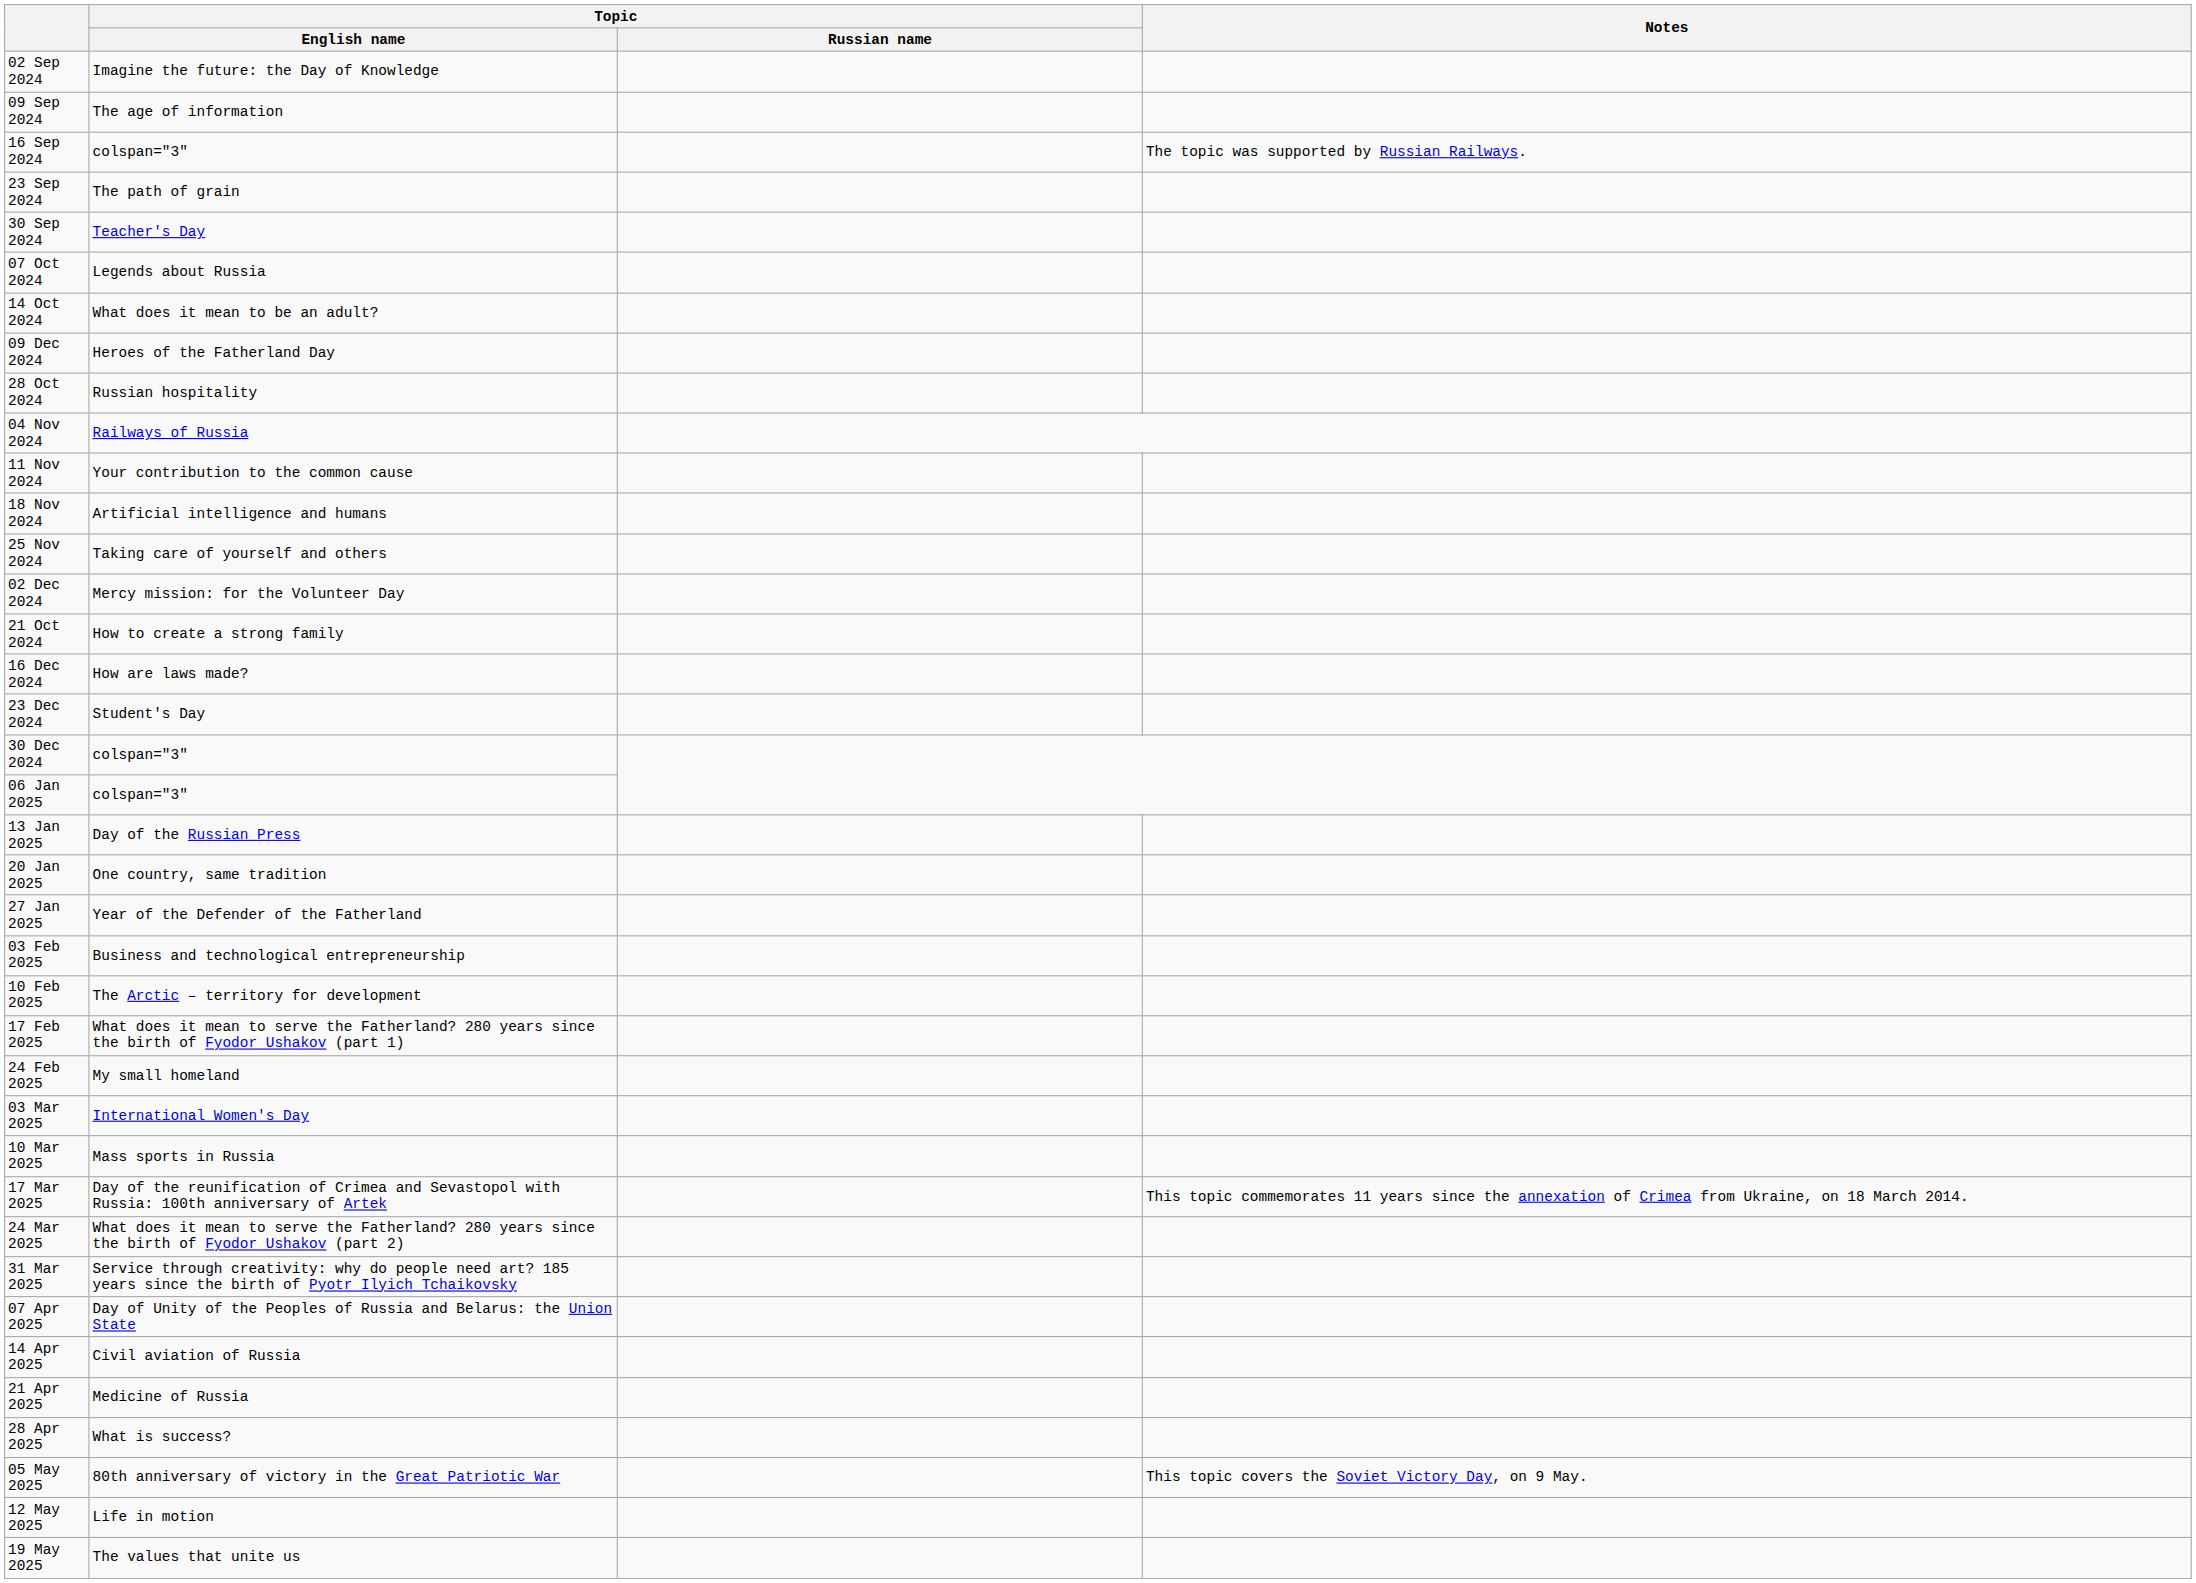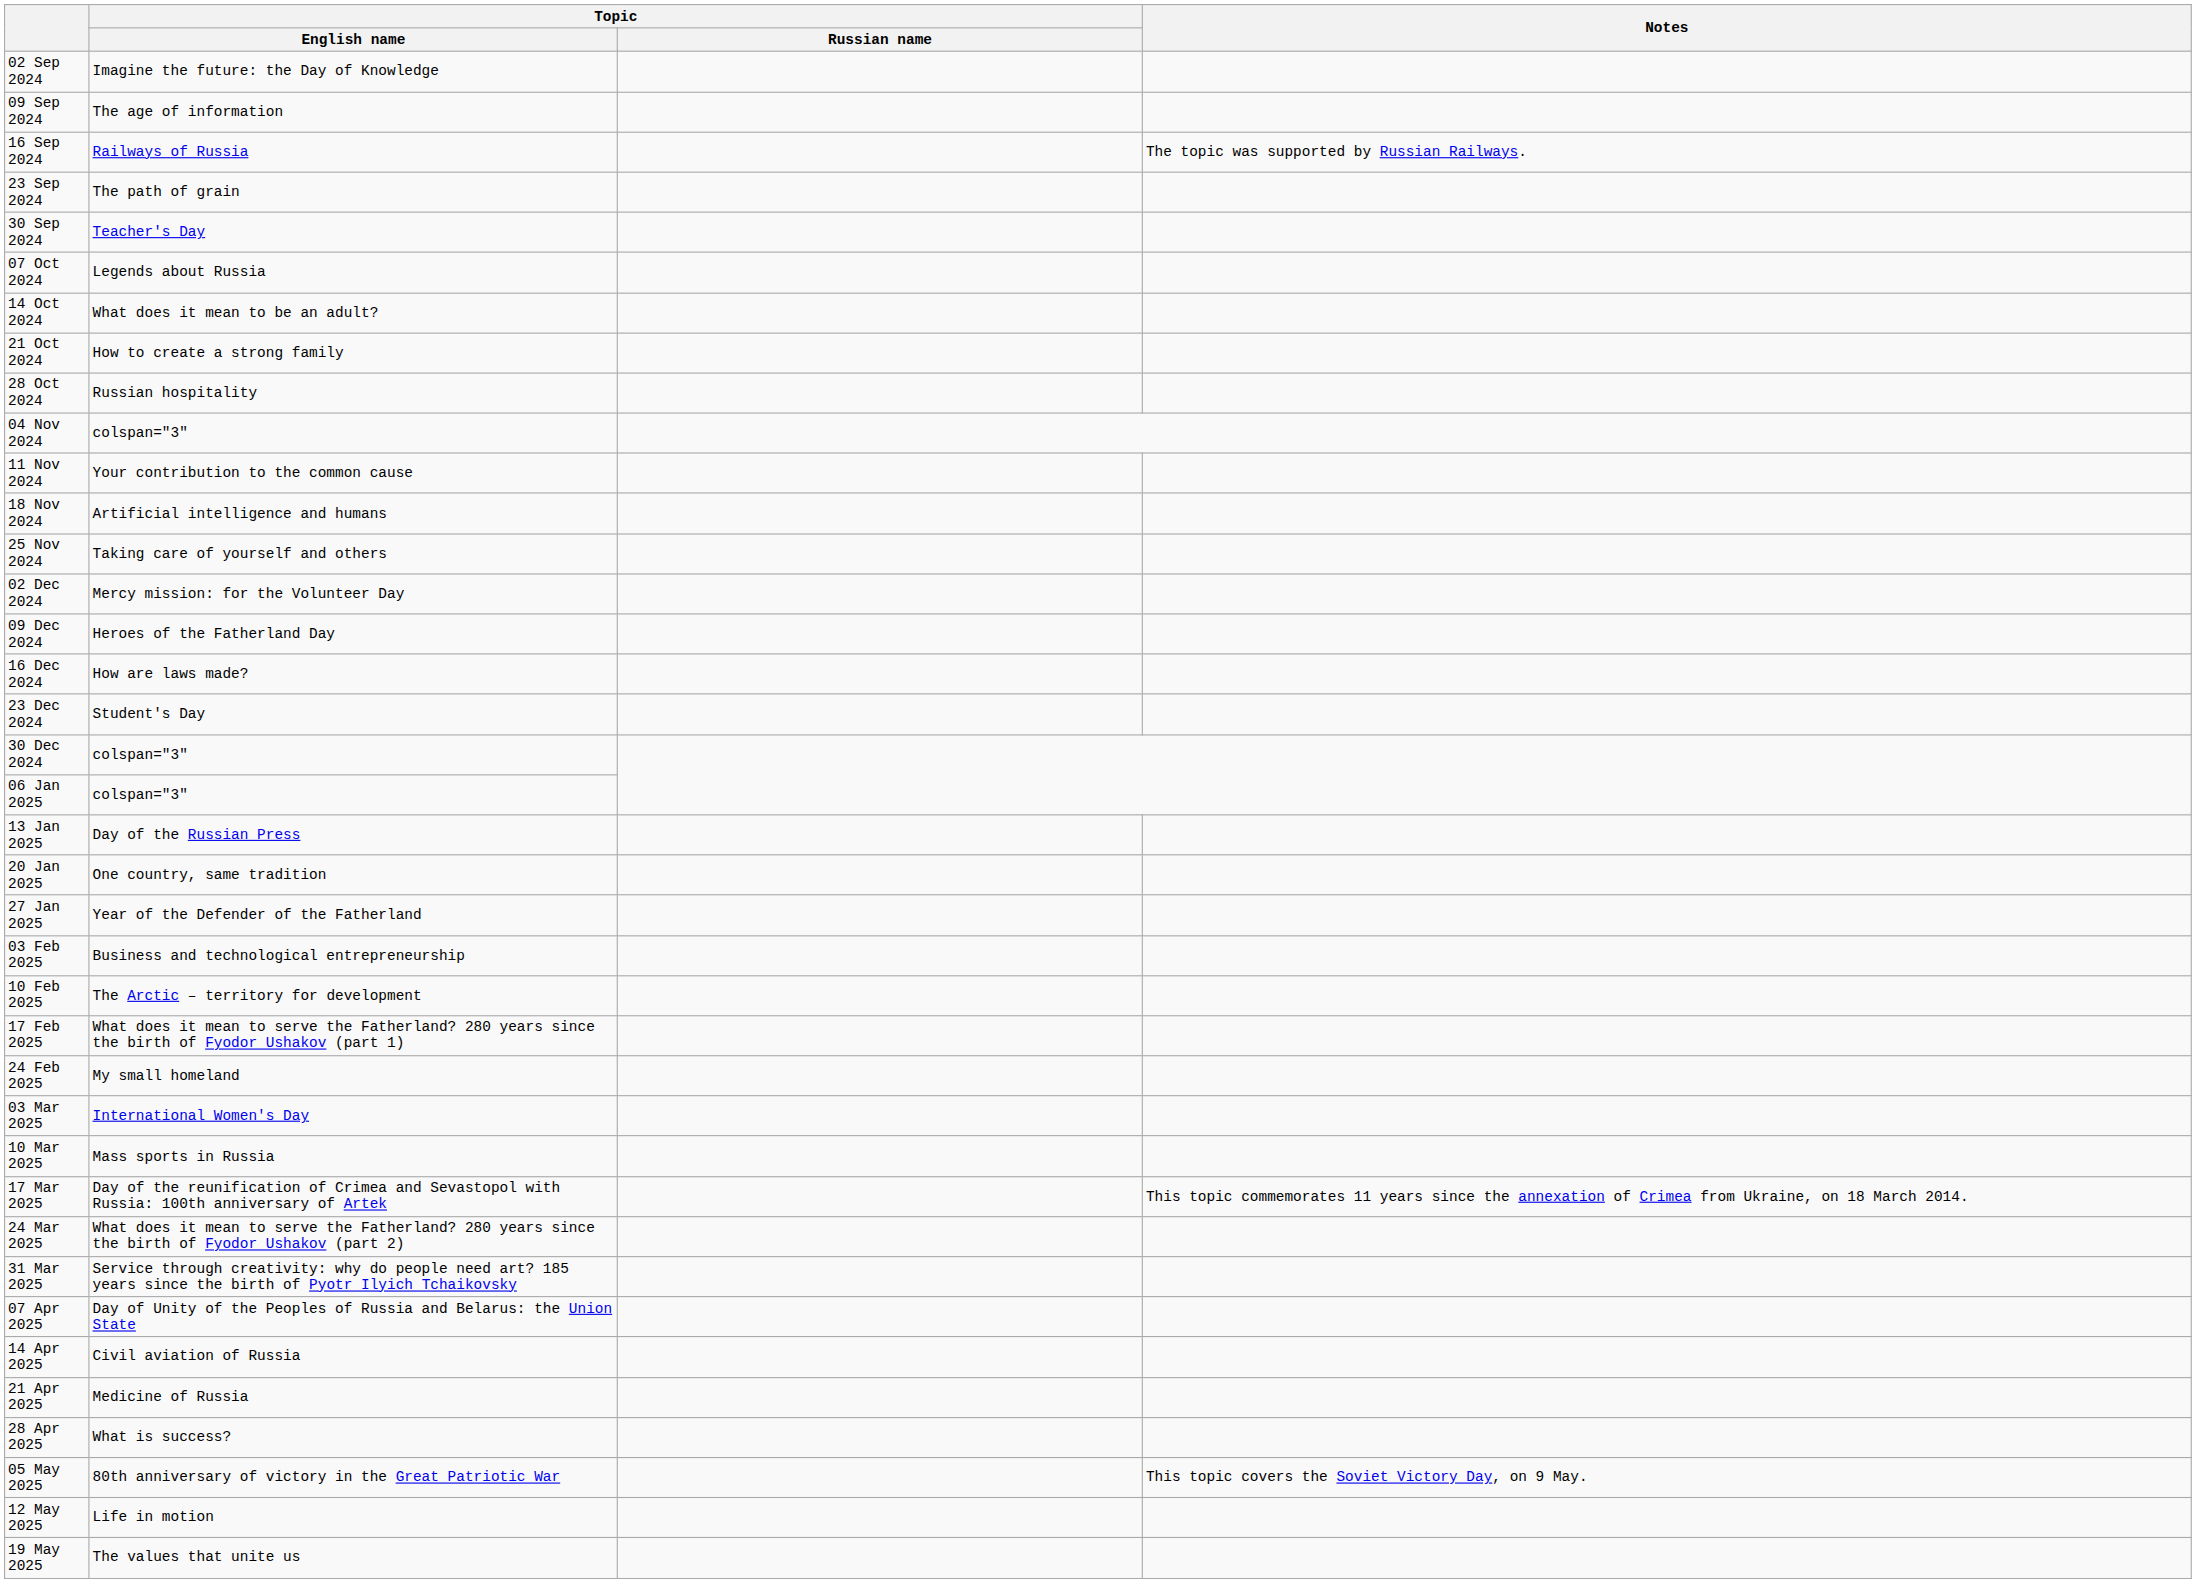 <table class="wikitable sortable sticky-header-multi">
 <tr>
 <th style="min-width:70px" rowspan=2 data-sort-type=date></th>
 <th colspan=2>Topic</th>
 <th style="width:50%" rowspan=2 class="unsortable">Notes</th>
 </tr>
 <tr>
 <th style="width:25%">English name</th>
 <th style="width:25%">Russian name</th>
 </tr>
 <tr>
 <td>02 Sep 2024</td>
 <td>Imagine the future: the Day of Knowledge</td>
 <td></td>
 <td></td>
 </tr>
 <tr>
 <td>09 Sep 2024</td>
 <td>The age of information</td>
 <td></td>
 <td></td>
 </tr>
 <tr>
 <td>16 Sep 2024</td>
-<td>colspan="3" </td>
+<td><a href='#'>Railways of Russia</a></td>
 <td></td>
 <td>The topic was supported by <a href='#'>Russian Railways</a>.</td>
 </tr>
 <tr>
 <td>23 Sep 2024</td>
 <td>The path of grain</td>
 <td></td>
 <td></td>
 </tr>
 <tr>
 <td>30 Sep 2024</td>
 <td><a href='#'>Teacher's Day</a></td>
 <td></td>
 <td></td>
 </tr>
 <tr>
 <td>07 Oct 2024</td>
 <td>Legends about Russia</td>
 <td></td>
 <td></td>
 </tr>
 <tr>
 <td>14 Oct 2024</td>
 <td>What does it mean to be an adult?</td>
 <td></td>
 <td></td>
 </tr>
 <tr>
-<td>09 Dec 2024</td>
-<td>Heroes of the Fatherland Day</td>
+<td>21 Oct 2024</td>
+<td>How to create a strong family</td>
 <td></td>
 <td></td>
 </tr>
 <tr>
 <td>28 Oct 2024</td>
 <td>Russian hospitality</td>
 <td></td>
 <td></td>
 </tr>
 <tr>
 <td>04 Nov 2024</td>
-<td><a href='#'>Railways of Russia</a></td>
+<td>colspan="3" </td>
 </tr>
 <tr>
 <td>11 Nov 2024</td>
 <td>Your contribution to the common cause</td>
 <td></td>
 <td></td>
 </tr>
 <tr>
 <td>18 Nov 2024</td>
 <td>Artificial intelligence and humans</td>
 <td></td>
 <td></td>
 </tr>
 <tr>
 <td>25 Nov 2024</td>
 <td>Taking care of yourself and others</td>
 <td></td>
 <td></td>
 </tr>
 <tr>
 <td>02 Dec 2024</td>
 <td>Mercy mission: for the Volunteer Day</td>
 <td></td>
 <td></td>
 </tr>
 <tr>
-<td>21 Oct 2024</td>
-<td>How to create a strong family</td>
+<td>09 Dec 2024</td>
+<td>Heroes of the Fatherland Day</td>
 <td></td>
 <td></td>
 </tr>
 <tr>
 <td>16 Dec 2024</td>
 <td>How are laws made?</td>
 <td></td>
 <td></td>
 </tr>
 <tr>
 <td>23 Dec 2024</td>
 <td>Student's Day</td>
 <td></td>
 <td></td>
 </tr>
 <tr>
 <td>30 Dec 2024</td>
 <td>colspan="3" </td>
 </tr>
 <tr>
 <td>06 Jan 2025</td>
 <td>colspan="3" </td>
 </tr>
 <tr>
 <td>13 Jan 2025</td>
 <td>Day of the <a href='#'>Russian Press</a></td>
 <td></td>
 <td></td>
 </tr>
 <tr>
 <td>20 Jan 2025</td>
 <td>One country, same tradition</td>
 <td></td>
 <td></td>
 </tr>
 <tr>
 <td>27 Jan 2025</td>
 <td>Year of the Defender of the Fatherland</td>
 <td></td>
 <td></td>
 </tr>
 <tr>
 <td>03 Feb 2025</td>
 <td>Business and technological entrepreneurship</td>
 <td></td>
 <td></td>
 </tr>
 <tr>
 <td>10 Feb 2025</td>
 <td>The <a href='#'>Arctic</a> – territory for development</td>
 <td></td>
 <td></td>
 </tr>
 <tr>
 <td>17 Feb 2025</td>
 <td>What does it mean to serve the Fatherland? 280 years since the birth of <a href='#'>Fyodor Ushakov</a> (part 1)</td>
 <td></td>
 <td></td>
 </tr>
 <tr>
 <td>24 Feb 2025</td>
 <td>My small homeland</td>
 <td></td>
 <td></td>
 </tr>
 <tr>
 <td>03 Mar 2025</td>
 <td><a href='#'>International Women's Day</a></td>
 <td></td>
 <td></td>
 </tr>
 <tr>
 <td>10 Mar 2025</td>
 <td>Mass sports in Russia</td>
 <td></td>
 <td></td>
 </tr>
 <tr>
 <td>17 Mar 2025</td>
 <td>Day of the reunification of Crimea and Sevastopol with Russia: 100th anniversary of <a href='#'>Artek</a></td>
 <td></td>
 <td>This topic commemorates 11 years since the <a href='#'>annexation</a> of <a href='#'>Crimea</a> from Ukraine, on 18 March 2014.</td>
 </tr>
 <tr>
 <td>24 Mar 2025</td>
 <td>What does it mean to serve the Fatherland? 280 years since the birth of <a href='#'>Fyodor Ushakov</a> (part 2)</td>
 <td></td>
 <td></td>
 </tr>
 <tr>
 <td>31 Mar 2025</td>
 <td>Service through creativity: why do people need art? 185 years since the birth of <a href='#'>Pyotr Ilyich Tchaikovsky</a></td>
 <td></td>
 <td></td>
 </tr>
 <tr>
 <td>07 Apr 2025</td>
 <td>Day of Unity of the Peoples of Russia and Belarus: the <a href='#'>Union State</a></td>
 <td></td>
 <td></td>
 </tr>
 <tr>
 <td>14 Apr 2025</td>
 <td>Civil aviation of Russia</td>
 <td></td>
 <td></td>
 </tr>
 <tr>
 <td>21 Apr 2025</td>
 <td>Medicine of Russia</td>
 <td></td>
 <td></td>
 </tr>
 <tr>
 <td>28 Apr 2025</td>
 <td>What is success?</td>
 <td></td>
 <td></td>
 </tr>
 <tr>
 <td>05 May 2025</td>
 <td>80th anniversary of victory in the <a href='#'>Great Patriotic War</a></td>
 <td></td>
 <td>This topic covers the <a href='#'>Soviet Victory Day</a>, on 9 May.</td>
 </tr>
 <tr>
 <td>12 May 2025</td>
 <td>Life in motion</td>
 <td></td>
 <td></td>
 </tr>
 <tr>
 <td>19 May 2025</td>
 <td>The values ​​that unite us</td>
 <td></td>
 <td></td>
 </tr>
 </table>
